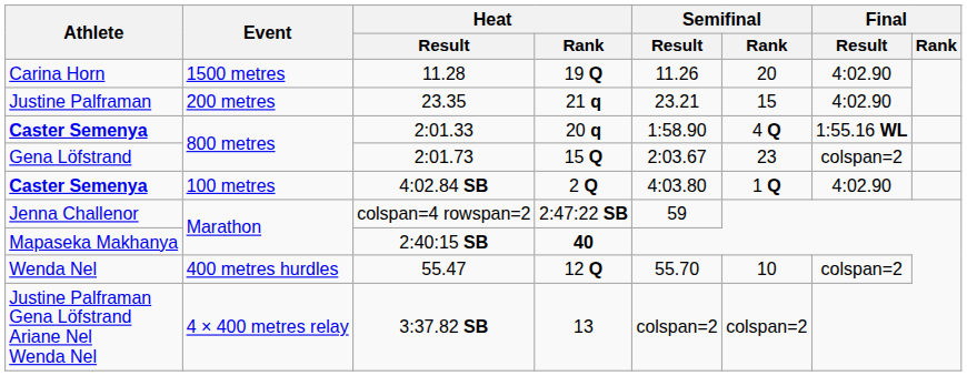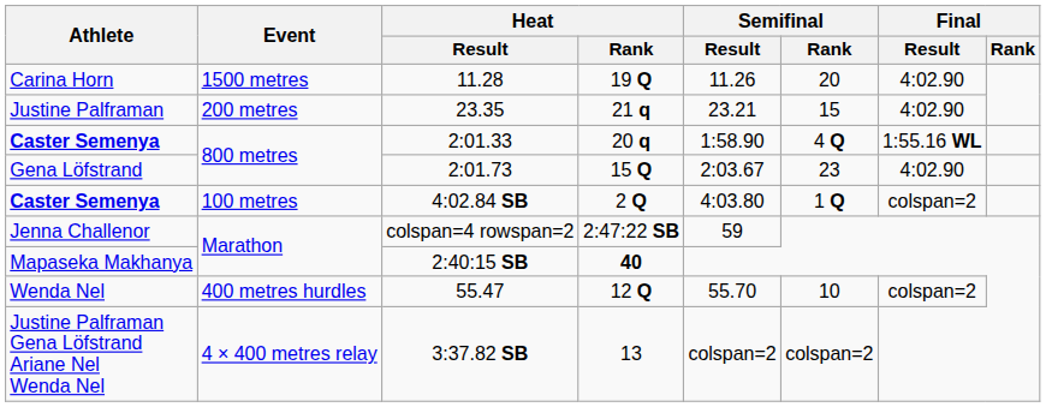 <table class="wikitable" style="font-size:90%">
 <tr>
 <th rowspan="2">Athlete</th>
 <th rowspan="2">Event</th>
 <th colspan="2">Heat</th>
 <th colspan="2">Semifinal</th>
 <th colspan="2">Final</th>
 </tr>
 <tr style="font-size:95%">
 <th>Result</th>
 <th>Rank</th>
 <th>Result</th>
 <th>Rank</th>
 <th>Result</th>
 <th>Rank</th>
 </tr>
 <tr style=text-align:center>
 <td style=text-align:left><a href='#'>Carina Horn</a></td>
 <td style=text-align:left><a href='#'>1500 metres</a></td>
 <td>11.28</td>
 <td>19 <strong>Q</strong></td>
 <td>11.26</td>
 <td>20</td>
 <td>4:02.90</td>
 </tr>
 <tr style=text-align:center>
 <td style=text-align:left><a href='#'>Justine Palframan</a></td>
 <td style=text-align:left><a href='#'>200 metres</a></td>
 <td>23.35</td>
 <td>21 <strong>q</strong></td>
 <td>23.21</td>
 <td>15</td>
 <td>4:02.90</td>
 </tr>
 <tr style=text-align:center>
 <td style=text-align:left><strong><a href='#'>Caster Semenya</a></strong></td>
 <td style=text-align:left rowspan=2><a href='#'>800 metres</a></td>
 <td>2:01.33</td>
 <td>20 <strong>q</strong></td>
 <td>1:58.90</td>
 <td>4 <strong>Q</strong></td>
 <td>1:55.16 <strong>WL</strong></td>
 <td></td>
 </tr>
 <tr style=text-align:center>
 <td style=text-align:left><a href='#'>Gena Löfstrand</a></td>
 <td>2:01.73</td>
 <td>15 <strong>Q</strong></td>
 <td>2:03.67</td>
 <td>23</td>
-<td>colspan=2 </td>
+<td>4:02.90</td>
 </tr>
 <tr style=text-align:center>
 <td style=text-align:left><strong><a href='#'>Caster Semenya</a></strong></td>
 <td style=text-align:left><a href='#'>100 metres</a></td>
 <td>4:02.84 <strong>SB</strong></td>
 <td>2 <strong>Q</strong></td>
 <td>4:03.80</td>
 <td>1 <strong>Q</strong></td>
-<td>4:02.90</td>
+<td>colspan=2 </td>
 <td></td>
 </tr>
 <tr style=text-align:center>
 <td style=text-align:left><a href='#'>Jenna Challenor</a></td>
 <td style=text-align:left rowspan=2><a href='#'>Marathon</a></td>
 <td>colspan=4 rowspan=2 </td>
 <td>2:47:22 <strong>SB</strong></td>
 <td>59</td>
 </tr>
 <tr style=text-align:center>
 <td style=text-align:left><a href='#'>Mapaseka Makhanya</a></td>
 <td>2:40:15 <strong>SB</strong></td>
 <td><strong>40</strong></td>
 </tr>
 <tr style=text-align:center>
 <td style=text-align:left><a href='#'>Wenda Nel</a></td>
 <td style=text-align:left><a href='#'>400 metres hurdles</a></td>
 <td>55.47</td>
 <td>12 <strong>Q</strong></td>
 <td>55.70</td>
 <td>10</td>
 <td>colspan=2 </td>
 </tr>
 <tr style=text-align:center>
 <td style=text-align:left><a href='#'>Justine Palframan</a><br><a href='#'>Gena Löfstrand</a><br><a href='#'>Ariane Nel</a><br><a href='#'>Wenda Nel</a></td>
 <td style=text-align:left><a href='#'>4 × 400 metres relay</a></td>
 <td>3:37.82 <strong>SB</strong></td>
 <td>13</td>
 <td>colspan=2 </td>
 <td>colspan=2 </td>
 </tr>
 </table>
